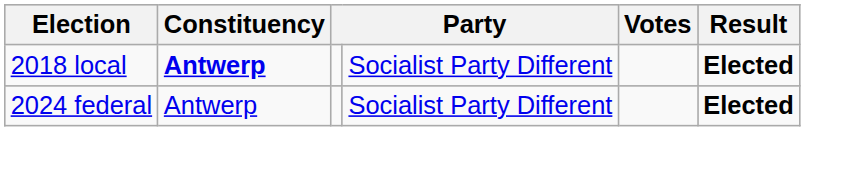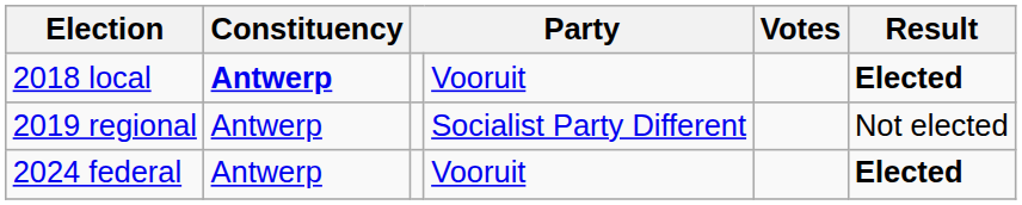 <table class="wikitable" style="text-align:left;">
 <tr>
 <th scope=col>Election</th>
 <th scope=col>Constituency</th>
 <th scope=col colspan="2">Party</th>
 <th scope=col>Votes</th>
 <th scope=col>Result</th>
 </tr>
 <tr>
 <td><a href='#'>2018 local</a></td>
 <td><strong><a href='#'>Antwerp</a></strong></td>
 <td style="background:"></td>
+<td><a href='#'>Vooruit</a></td>
+<td align=right></td>
+<td><strong>Elected</strong></td>
+</tr>
+<tr>
+<td><a href='#'>2019 regional</a></td>
+<td><a href='#'>Antwerp</a></td>
+<td style="background:"></td>
 <td><a href='#'>Socialist Party Different</a></td>
 <td align=right></td>
-<td><strong>Elected</strong></td>
+<td>Not elected</td>
 </tr>
 <tr>
 <td><a href='#'>2024 federal</a></td>
 <td><a href='#'>Antwerp</a></td>
 <td style="background:"></td>
-<td><a href='#'>Socialist Party Different</a></td>
+<td><a href='#'>Vooruit</a></td>
 <td align=right></td>
 <td><strong>Elected</strong></td>
 </tr>
 </table>
